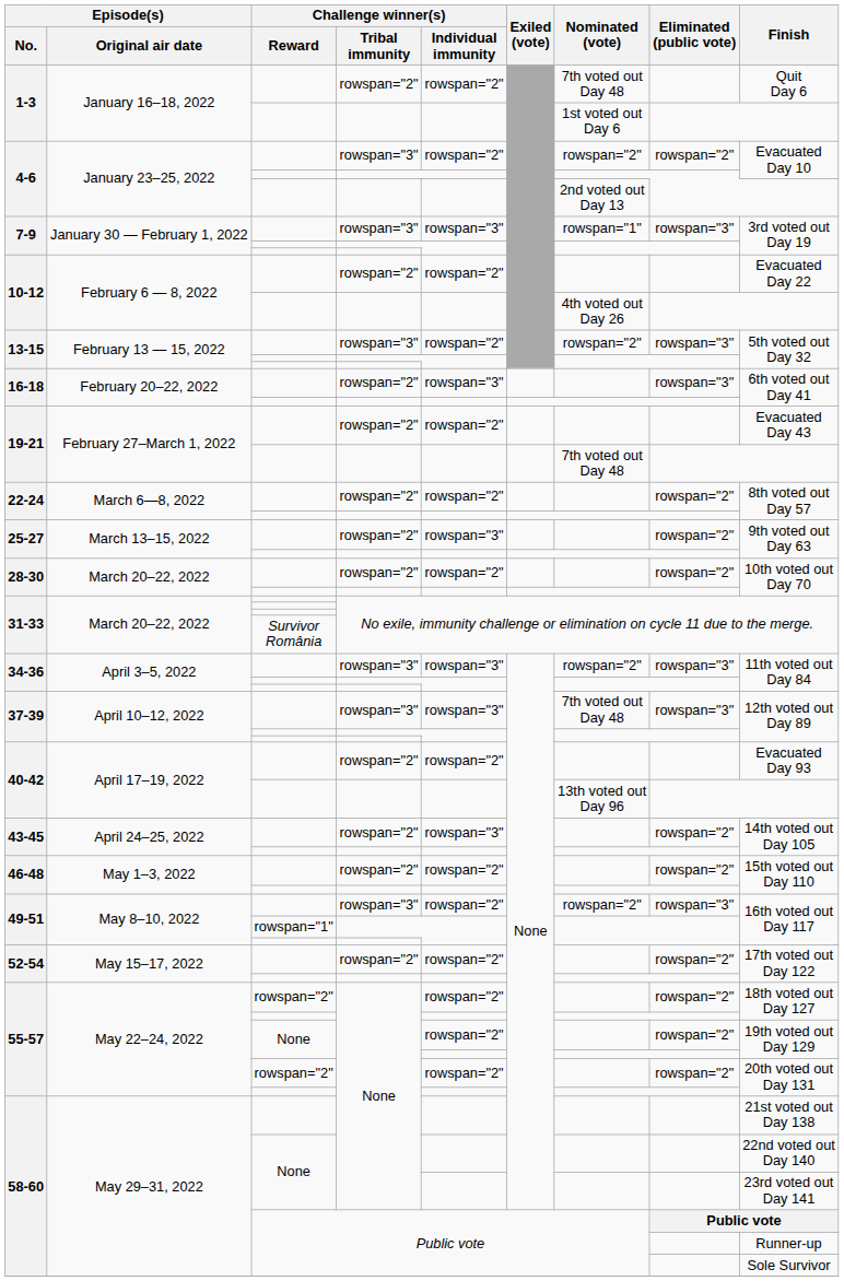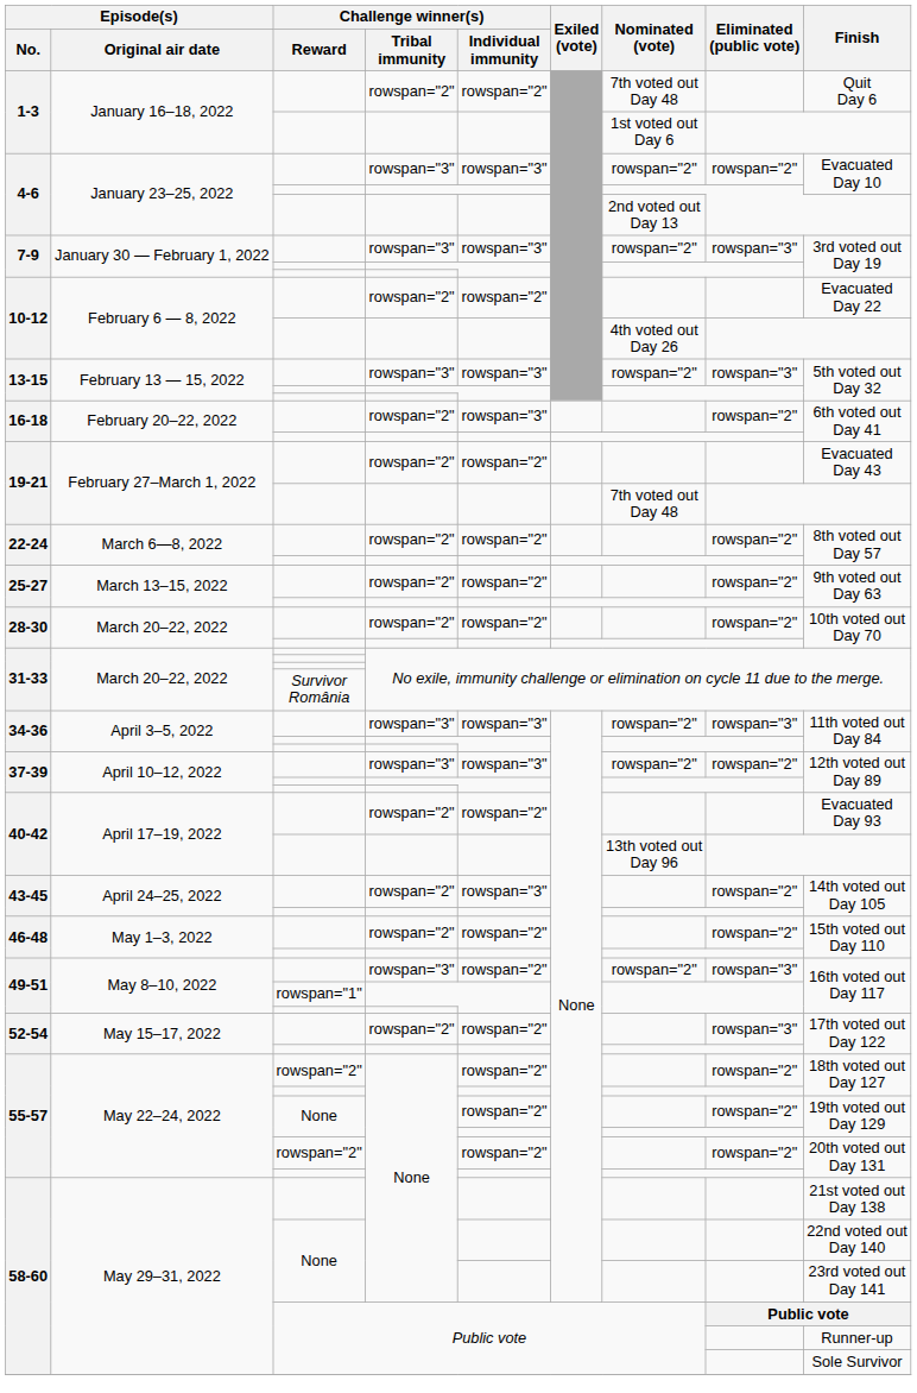 <table class="wikitable plainrowheaders nowrap" style="margin:auto; text-align:center">
 <tr>
 <th scope="col" colspan="2">Episode(s)</th>
 <th scope="col" colspan="3">Challenge winner(s)</th>
 <th scope="col" colspan="1" rowspan="2">Exiled <br>(vote)</th>
 <th scope="col"  rowspan="2">Nominated <br> (vote)</th>
 <th scope="col" rowspan="2">Eliminated <br>(public vote)</th>
 <th scope="col" rowspan="2">Finish</th>
 </tr>
 <tr>
 <th scope="col" rowspan="1">No.</th>
 <th scope="col" rowspan="1">Original air date</th>
 <th scope="col" rowspan="1">Reward</th>
 <th scope="col" rowspan="1">Tribal<br> immunity</th>
 <th scope="col" rowspan="1">Individual<br> immunity</th>
 </tr>
 <tr>
 <th rowspan="2">1-3</th>
 <td rowspan="2">January 16–18, 2022</td>
 <td></td>
 <td>rowspan="2"  </td>
 <td>rowspan="2" </td>
 <td rowspan="13" bgcolor="darkgray"></td>
 <td>7th voted out <br>Day 48</td>
 <td></td>
 <td rowspan="1">Quit <br>Day 6</td>
 </tr>
 <tr>
 <td></td>
 <td></td>
 <td></td>
 <td rowspan="1">1st voted out<br> Day 6</td>
 </tr>
 <tr>
 <th rowspan="3">4-6</th>
 <td rowspan="3">January 23–25, 2022</td>
 <td></td>
 <td>rowspan="3" </td>
-<td>rowspan="2" </td>
+<td>rowspan="3" </td>
 <td>rowspan="2" </td>
 <td>rowspan="2" </td>
 <td rowspan="2">Evacuated <br>Day 10</td>
 </tr>
 <tr>
 <td></td>
 </tr>
 <tr>
 <td></td>
 <td></td>
 <td></td>
 <td rowspan="1">2nd voted out <br>Day 13</td>
 </tr>
 <tr>
 <th rowspan="3">7-9</th>
 <td rowspan="3">January 30 — February 1, 2022</td>
 <td></td>
 <td>rowspan="3"</td>
 <td>rowspan="3" </td>
-<td>rowspan="1" </td>
+<td>rowspan="2" </td>
 <td>rowspan="3" </td>
 <td rowspan="3">3rd voted out <br>Day 19</td>
 </tr>
 <tr>
 <td></td>
 </tr>
 <tr>
 <td></td>
 <td></td>
 </tr>
 <tr>
 <th rowspan="2">10-12</th>
 <td rowspan="2">February 6 — 8, 2022</td>
 <td></td>
 <td>rowspan="2" </td>
 <td>rowspan="2" </td>
 <td></td>
 <td></td>
 <td rowspan="1">Evacuated <br>Day 22</td>
 </tr>
 <tr>
 <td></td>
 <td></td>
 <td></td>
 <td>4th voted out<br> Day 26</td>
 </tr>
 <tr>
 <th rowspan="3">13-15</th>
 <td rowspan="3">February 13 — 15, 2022</td>
 <td></td>
 <td>rowspan="3" </td>
-<td>rowspan="2" </td>
+<td>rowspan="3" </td>
 <td>rowspan="2" </td>
 <td>rowspan="3" </td>
 <td rowspan="3">5th voted out <br>Day 32</td>
 </tr>
 <tr>
 <td></td>
 </tr>
 <tr>
 <td></td>
 <td></td>
 </tr>
 <tr>
 <th rowspan="2">16-18</th>
 <td rowspan="2">February 20–22, 2022</td>
 <td></td>
 <td>rowspan="2" </td>
 <td>rowspan="3" </td>
 <td></td>
 <td></td>
-<td>rowspan="3" </td>
+<td>rowspan="2" </td>
 <td rowspan="2">6th voted out <br>Day 41</td>
 </tr>
 <tr>
 <td></td>
 <td></td>
 <td></td>
 </tr>
 <tr>
 <th rowspan="2">19-21</th>
 <td rowspan="2">February 27–March 1, 2022</td>
 <td></td>
 <td>rowspan="2" </td>
 <td>rowspan="2" </td>
 <td></td>
 <td></td>
 <td></td>
 <td>Evacuated <br>Day 43</td>
 </tr>
 <tr>
 <td></td>
 <td></td>
 <td></td>
 <td></td>
 <td>7th voted out <br>Day 48</td>
 </tr>
 <tr>
 <th rowspan="2">22-24</th>
 <td rowspan="2">March 6—8, 2022</td>
 <td></td>
 <td>rowspan="2" </td>
 <td>rowspan="2" </td>
 <td></td>
 <td></td>
 <td>rowspan="2" </td>
 <td rowspan="2">8th voted out <br>Day 57</td>
 </tr>
 <tr>
 <td></td>
 <td></td>
 <td></td>
 </tr>
 <tr>
 <th rowspan="2">25-27</th>
 <td rowspan="2">March 13–15, 2022</td>
 <td></td>
 <td>rowspan="2" </td>
-<td>rowspan="3" </td>
+<td>rowspan="2" </td>
 <td></td>
 <td></td>
 <td>rowspan="2" </td>
 <td rowspan="2">9th voted out <br>Day 63</td>
 </tr>
 <tr>
 <td></td>
 <td></td>
 <td></td>
 </tr>
 <tr>
 <th rowspan="2">28-30</th>
 <td rowspan="2">March 20–22, 2022</td>
 <td></td>
 <td>rowspan="2" </td>
 <td>rowspan="2" </td>
 <td></td>
 <td></td>
 <td>rowspan="2" </td>
 <td rowspan="2">10th voted out <br>Day 70</td>
 </tr>
 <tr>
 <td></td>
 <td></td>
 <td></td>
 </tr>
 <tr>
 <th rowspan="4">31-33</th>
 <td rowspan="4">March 20–22, 2022</td>
 <td></td>
 <td colspan="7" rowspan="4"><em>No exile, immunity challenge or elimination on cycle 11 due to the merge.</em></td>
 </tr>
 <tr>
 <td></td>
 </tr>
 <tr>
 <td></td>
 </tr>
 <tr>
 <td><em>Survivor<br> România</em></td>
 </tr>
 <tr>
 <th rowspan="3">34-36</th>
 <td rowspan="3">April 3–5, 2022</td>
 <td></td>
 <td>rowspan="3" </td>
 <td>rowspan="3" </td>
 <td rowspan="26">None</td>
 <td>rowspan="2" </td>
 <td>rowspan="3" </td>
 <td rowspan="3">11th voted out <br>Day 84</td>
 </tr>
 <tr>
 <td></td>
 </tr>
 <tr>
 <td></td>
 <td></td>
 </tr>
 <tr>
 <th rowspan="3">37-39</th>
 <td rowspan="3">April 10–12, 2022</td>
 <td></td>
 <td>rowspan="3" </td>
 <td>rowspan="3" </td>
-<td>7th voted out <br>Day 48</td>
-<td>rowspan="3" </td>
+<td>rowspan="2" </td>
+<td>rowspan="2" </td>
 <td rowspan="3">12th voted out <br>Day 89</td>
 </tr>
 <tr>
 <td></td>
 </tr>
 <tr>
 <td></td>
 <td></td>
 </tr>
 <tr>
 <th rowspan="2">40-42</th>
 <td rowspan="2">April 17–19, 2022</td>
 <td></td>
 <td>rowspan="2" </td>
 <td>rowspan="2" </td>
 <td></td>
 <td></td>
 <td rowspan="1">Evacuated <br>Day 93</td>
 </tr>
 <tr>
 <td></td>
 <td></td>
 <td></td>
 <td rowspan="1">13th voted out <br>Day 96</td>
 </tr>
 <tr>
 <th rowspan="2">43-45</th>
 <td rowspan="2">April 24–25, 2022</td>
 <td></td>
 <td>rowspan="2" </td>
 <td>rowspan="3"</td>
 <td></td>
 <td>rowspan="2" </td>
 <td rowspan="2">14th voted out <br>Day 105</td>
 </tr>
 <tr>
 <td></td>
 <td></td>
 </tr>
 <tr>
 <th rowspan="2">46-48</th>
 <td rowspan="2">May 1–3, 2022</td>
 <td></td>
 <td>rowspan="2" </td>
 <td>rowspan="2" </td>
 <td></td>
 <td>rowspan="2" </td>
 <td rowspan="2">15th voted out <br>Day 110</td>
 </tr>
 <tr>
 <td></td>
 <td></td>
 </tr>
 <tr>
 <th rowspan="3">49-51</th>
 <td rowspan="3">May 8–10, 2022</td>
 <td></td>
 <td>rowspan="3" </td>
 <td>rowspan="2" </td>
 <td>rowspan="2" </td>
 <td>rowspan="3" </td>
 <td rowspan="3">16th voted out <br>Day 117</td>
 </tr>
 <tr>
 <td>rowspan="1" </td>
 </tr>
 <tr>
 <td></td>
 <td></td>
 </tr>
 <tr>
 <th rowspan="2">52-54</th>
 <td rowspan="2">May 15–17, 2022</td>
 <td></td>
 <td>rowspan="2" </td>
 <td>rowspan="2" </td>
 <td></td>
-<td>rowspan="2" </td>
+<td>rowspan="3" </td>
 <td rowspan="2">17th voted out <br>Day 122</td>
 </tr>
 <tr>
 <td></td>
 <td></td>
 </tr>
 <tr>
 <th rowspan="6">55-57</th>
 <td rowspan="6">May 22–24, 2022</td>
 <td>rowspan="2" </td>
 <td rowspan="9">None</td>
 <td>rowspan="2"  </td>
 <td></td>
 <td>rowspan="2" </td>
 <td rowspan="2">18th voted out <br> Day 127</td>
 </tr>
 <tr>
 <td></td>
 </tr>
 <tr>
 <td rowspan="2">None</td>
 <td>rowspan="2" </td>
 <td></td>
 <td>rowspan="2"</td>
 <td rowspan="2">19th voted out <br> Day 129</td>
 </tr>
 <tr>
 <td></td>
 </tr>
 <tr>
 <td>rowspan="2" </td>
 <td>rowspan="2"  </td>
 <td></td>
 <td>rowspan="2" </td>
 <td rowspan="2">20th voted out <br> Day 131</td>
 </tr>
 <tr>
 <td></td>
 </tr>
 <tr>
 <th rowspan="6">58-60</th>
 <td rowspan="6">May 29–31, 2022</td>
 <td></td>
 <td> </td>
 <td></td>
 <td></td>
 <td>21st voted out <br> Day 138</td>
 </tr>
 <tr>
 <td rowspan="2">None</td>
 <td></td>
 <td></td>
 <td></td>
 <td>22nd voted out <br> Day 140</td>
 </tr>
 <tr>
 <td></td>
 <td></td>
 <td></td>
 <td>23rd voted out <br> Day 141</td>
 </tr>
 <tr>
 <td rowspan="3" colspan="5"><em>Public vote</em></td>
 <th colspan="2">Public vote</th>
 </tr>
 <tr>
 <td></td>
 <td>Runner-up</td>
 </tr>
 <tr>
 <td></td>
 <td>Sole Survivor</td>
 </tr>
 <tr>
 </tr>
 </table>
